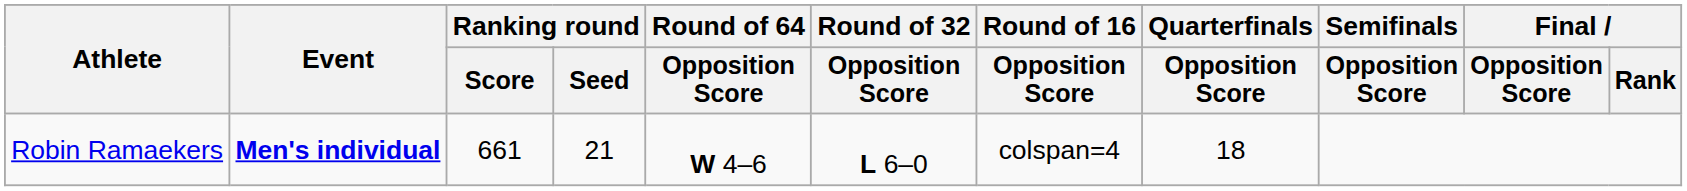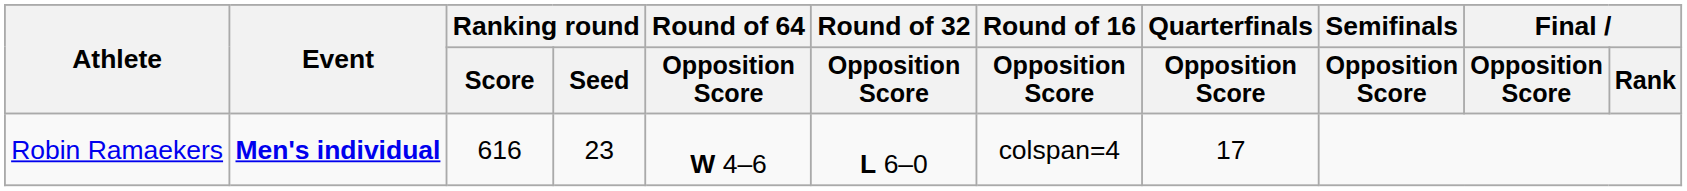 <table class="wikitable" style="font-size:90%">
 <tr>
 <th rowspan=2>Athlete</th>
 <th rowspan=2>Event</th>
 <th colspan=2>Ranking round</th>
 <th>Round of 64</th>
 <th>Round of 32</th>
 <th>Round of 16</th>
 <th>Quarterfinals</th>
 <th>Semifinals</th>
 <th colspan=2>Final / </th>
 </tr>
 <tr style="font-size:95%">
 <th>Score</th>
 <th>Seed</th>
 <th>Opposition<br>Score</th>
 <th>Opposition<br>Score</th>
 <th>Opposition<br>Score</th>
 <th>Opposition<br>Score</th>
 <th>Opposition<br>Score</th>
 <th>Opposition<br>Score</th>
 <th>Rank</th>
 </tr>
 <tr align=center>
 <td align=left><a href='#'>Robin Ramaekers</a></td>
 <td align=left><strong><a href='#'>Men's individual</a></strong></td>
-<td>661</td>
-<td>21</td>
+<td>616</td>
+<td>23</td>
 <td><br><strong>W</strong> 4–6</td>
 <td><br><strong>L</strong> 6–0</td>
 <td>colspan=4 </td>
-<td>18</td>
+<td>17</td>
 </tr>
 </table>
